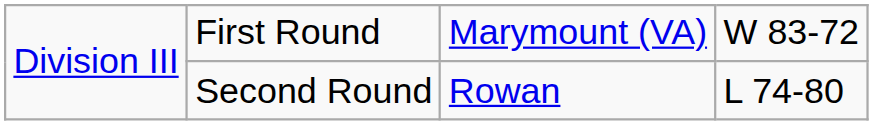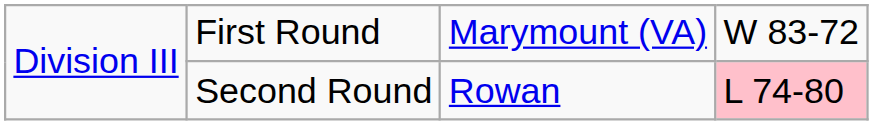 <table class="wikitable">
 <tr>
 <td rowspan="3"><a href='#'>Division III</a></td>
 <td>First Round</td>
 <td><a href='#'>Marymount (VA)</a></td>
 <td>W 83-72</td>
 </tr>
 <tr>
 <td>Second Round</td>
 <td><a href='#'>Rowan</a></td>
-<td>L 74-80</td>
+<td style="background: pink;">L 74-80</td>
 </tr>
 </table>
